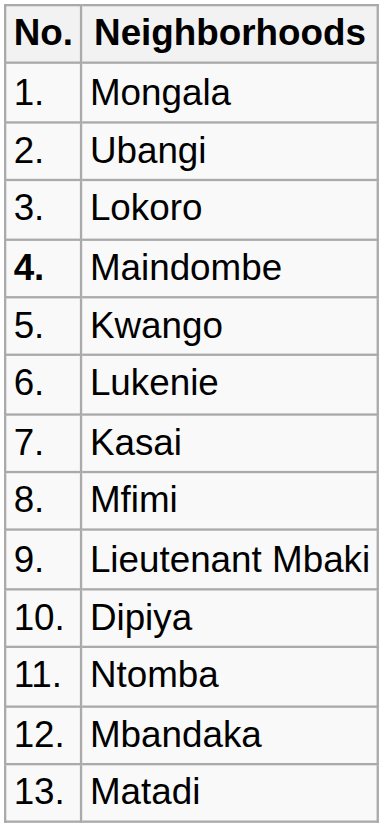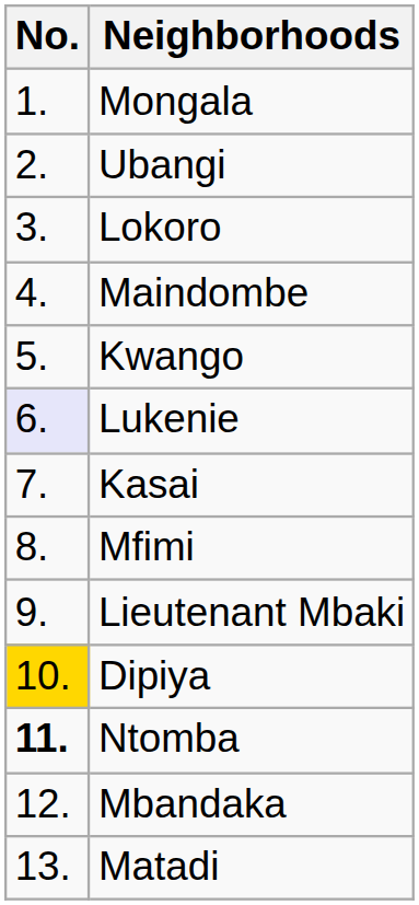 <table class="wikitable">
 <tr>
 <th>No.</th>
 <th>Neighborhoods</th>
 </tr>
 <tr>
 <td>1.</td>
 <td>Mongala</td>
 </tr>
 <tr>
 <td>2.</td>
 <td>Ubangi</td>
 </tr>
 <tr>
 <td>3.</td>
 <td>Lokoro</td>
 </tr>
 <tr>
-<td><strong>4.</strong></td>
+<td>4.</td>
 <td>Maindombe</td>
 </tr>
 <tr>
 <td>5.</td>
 <td>Kwango</td>
 </tr>
 <tr>
-<td>6.</td>
+<td style="background: lavender;">6.</td>
 <td>Lukenie</td>
 </tr>
 <tr>
 <td>7.</td>
 <td>Kasai</td>
 </tr>
 <tr>
 <td>8.</td>
 <td>Mfimi</td>
 </tr>
 <tr>
 <td>9.</td>
 <td>Lieutenant Mbaki</td>
 </tr>
 <tr>
-<td>10.</td>
+<td style="background: gold;">10.</td>
 <td>Dipiya</td>
 </tr>
 <tr>
-<td>11.</td>
+<td><strong>11.</strong></td>
 <td>Ntomba</td>
 </tr>
 <tr>
 <td>12.</td>
 <td>Mbandaka</td>
 </tr>
 <tr>
 <td>13.</td>
 <td>Matadi</td>
 </tr>
 </table>
